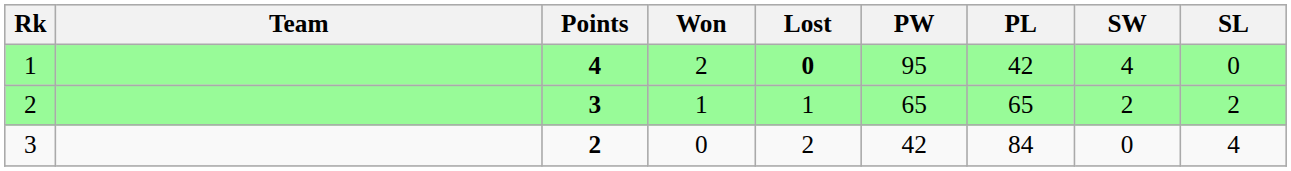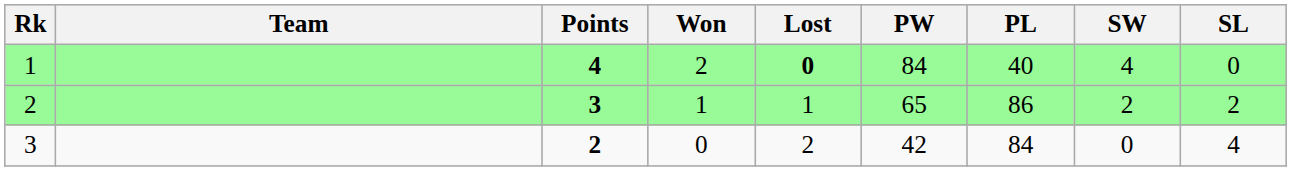 <table class=wikitable style=text-align:center>
 <tr>
 <th width=25>Rk</th>
 <th width=300>Team</th>
 <th width=60>Points</th>
 <th width=60>Won</th>
 <th width=60>Lost</th>
 <th width=60>PW</th>
 <th width=60>PL</th>
 <th width=60>SW</th>
 <th width=60>SL</th>
 </tr>
 <tr bgcolor="#98fb98">
 <td>1</td>
 <td align=left></td>
 <td><strong>4</strong></td>
 <td>2</td>
 <td><strong>0</strong></td>
-<td>95</td>
-<td>42</td>
+<td>84</td>
+<td>40</td>
 <td>4</td>
 <td>0</td>
 </tr>
 <tr bgcolor="#98fb98">
 <td>2</td>
 <td align=left></td>
 <td><strong>3</strong></td>
 <td>1</td>
 <td>1</td>
 <td>65</td>
-<td>65</td>
+<td>86</td>
 <td>2</td>
 <td>2</td>
 </tr>
 <tr>
 <td>3</td>
 <td align=left></td>
 <td><strong>2</strong></td>
 <td>0</td>
 <td>2</td>
 <td>42</td>
 <td>84</td>
 <td>0</td>
 <td>4</td>
 </tr>
 </table>
